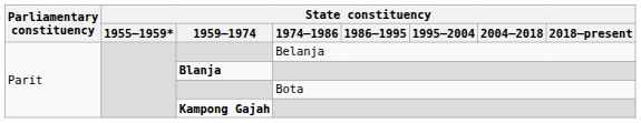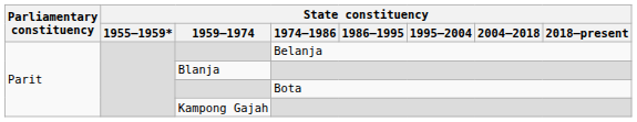 <table class="wikitable">
 <tr>
 <th rowspan="2">Parliamentary<br>constituency</th>
 <th colspan="7">State constituency</th>
 </tr>
 <tr>
 <th>1955–1959*</th>
 <th>1959–1974</th>
 <th>1974–1986</th>
 <th>1986–1995</th>
 <th>1995–2004</th>
 <th>2004–2018</th>
 <th>2018–present</th>
 </tr>
 <tr>
 <td rowspan="4">Parit</td>
 <td rowspan="4" bgcolor="dcdcdc"></td>
 <td bgcolor="dcdcdc"></td>
 <td colspan="5">Belanja</td>
 </tr>
 <tr>
-<td><strong>Blanja</strong></td>
+<td>Blanja</td>
 <td colspan="5" bgcolor="dcdcdc"></td>
 </tr>
 <tr>
 <td bgcolor="dcdcdc"></td>
 <td colspan="5">Bota</td>
 </tr>
 <tr>
-<td><strong>Kampong Gajah</strong></td>
+<td>Kampong Gajah</td>
 <td colspan="5" bgcolor="dcdcdc"></td>
 </tr>
 </table>
